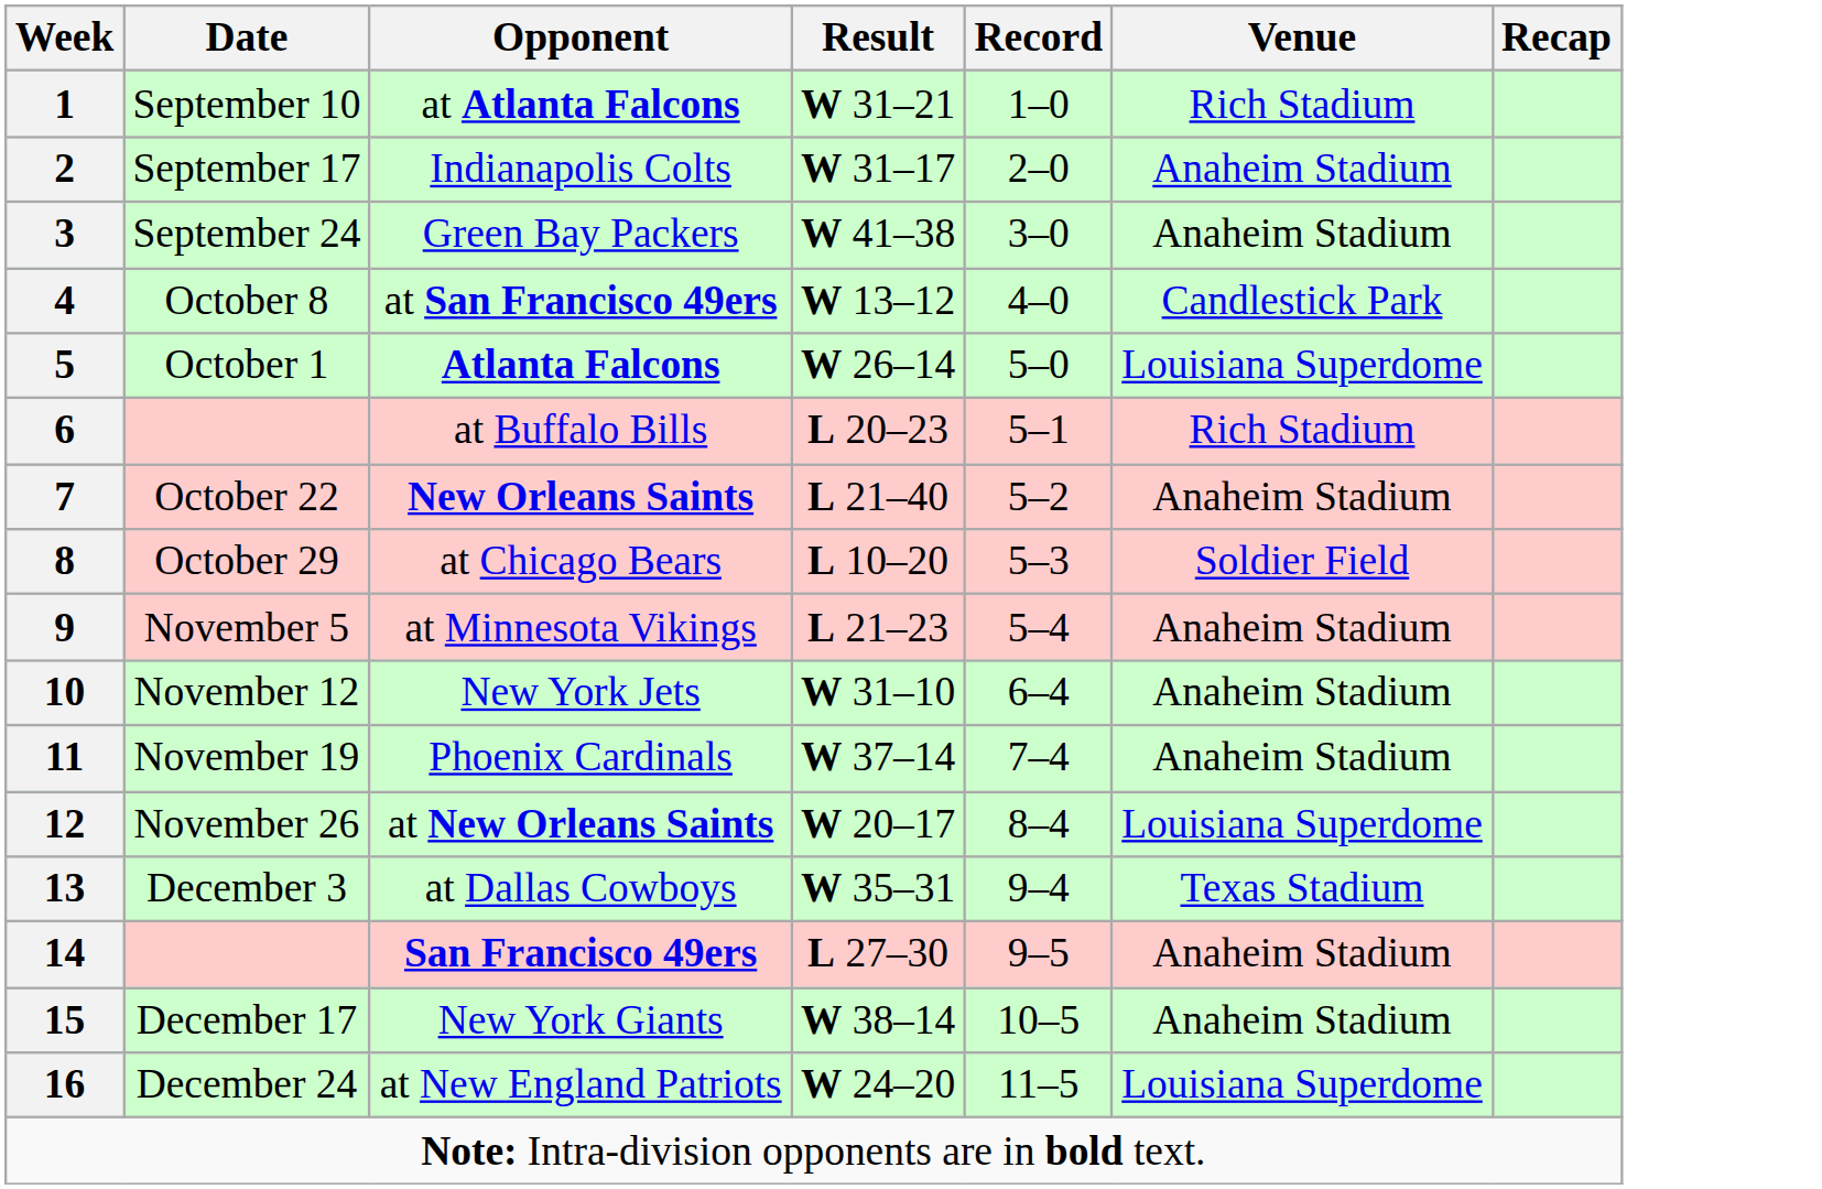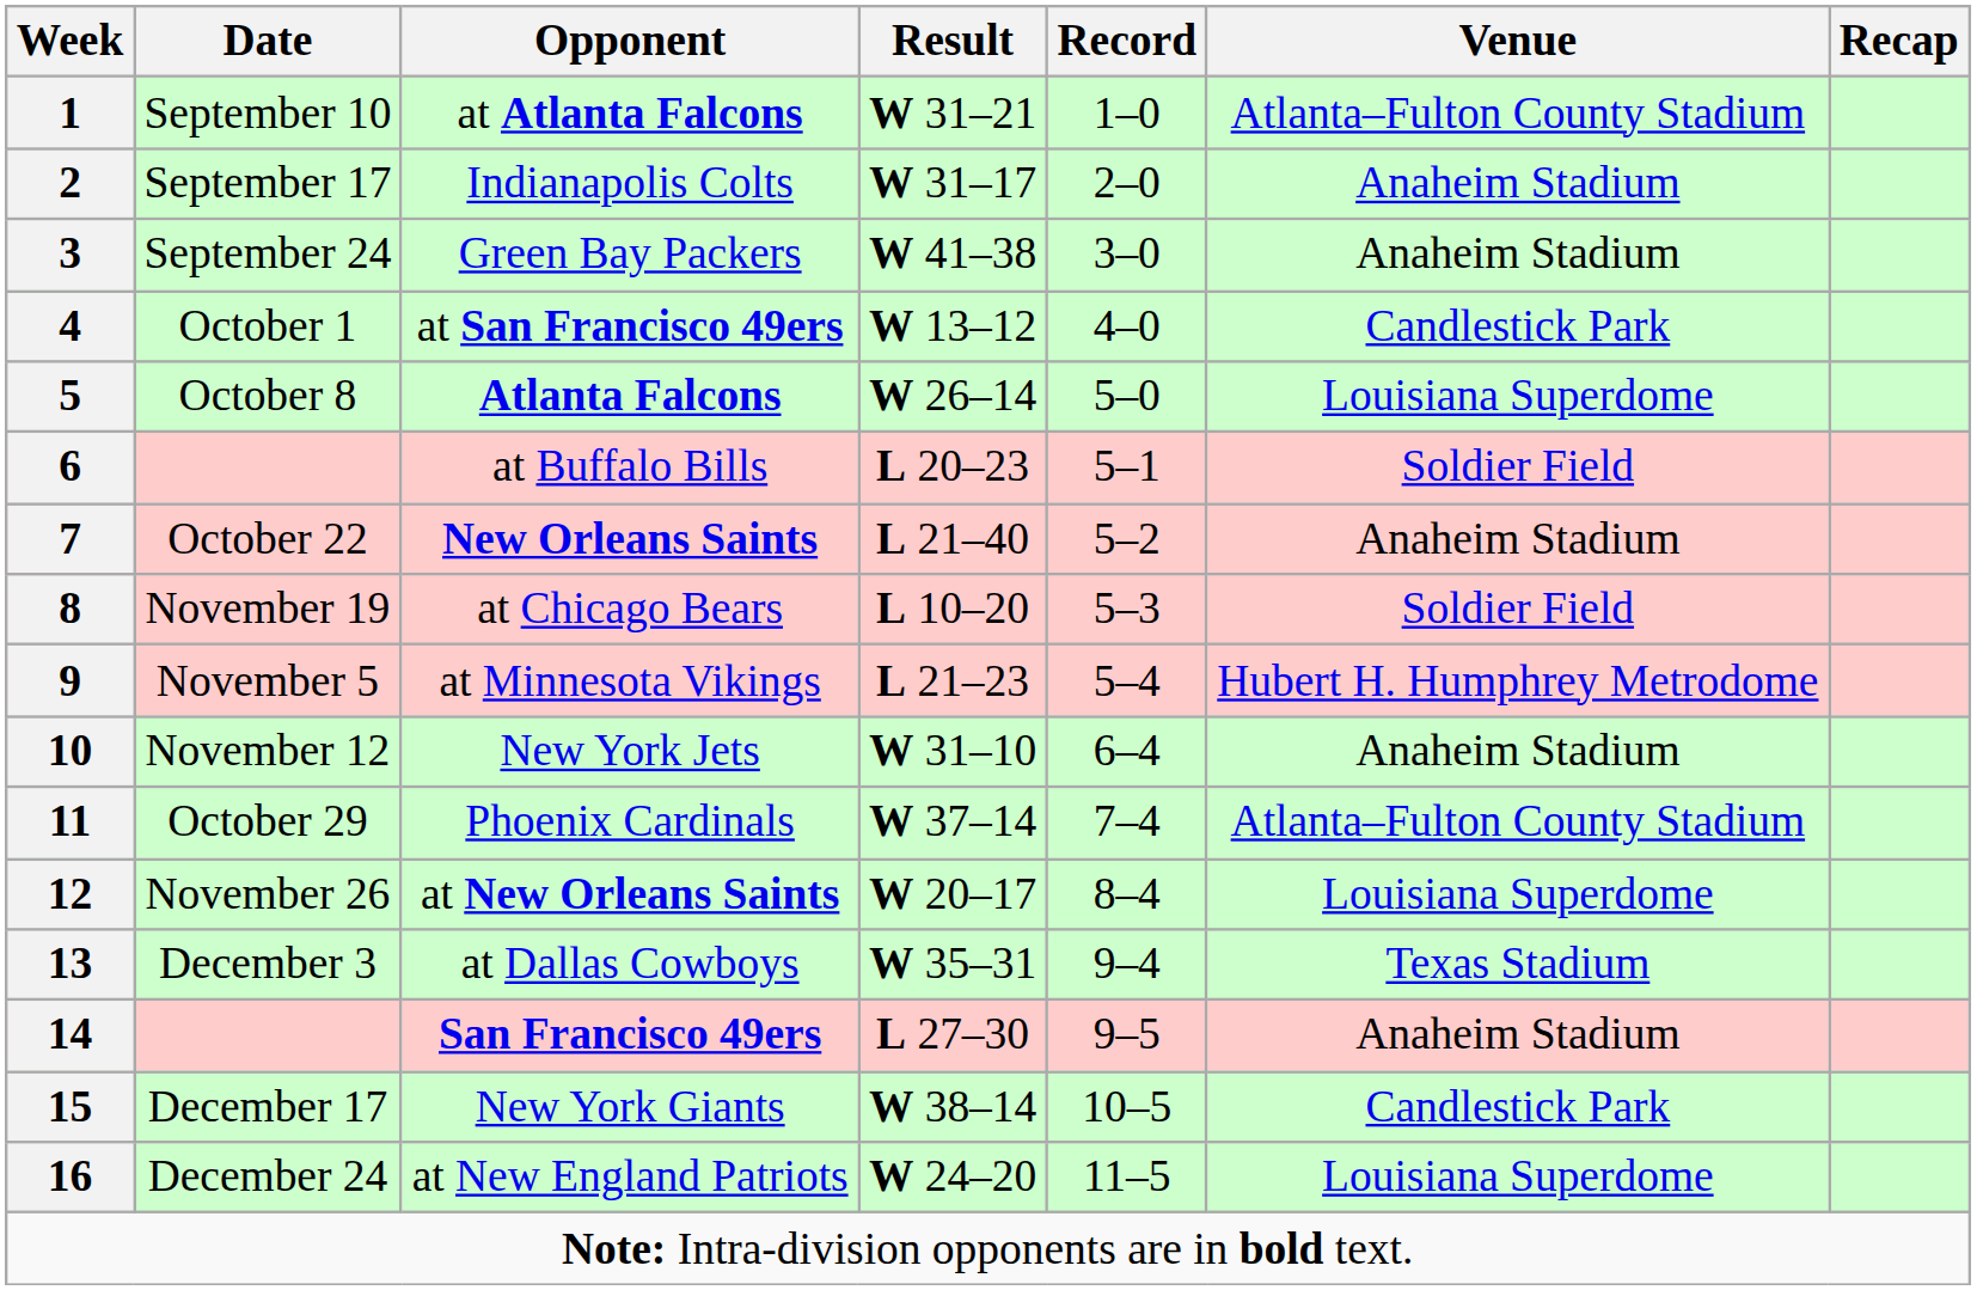 <table class="wikitable" style="text-align:center">
 <tr>
 <th>Week</th>
 <th>Date</th>
 <th>Opponent</th>
 <th>Result</th>
 <th>Record</th>
 <th>Venue</th>
 <th>Recap</th>
 </tr>
 <tr style="background:#cfc">
 <th>1</th>
 <td>September 10</td>
 <td>at <strong><a href='#'>Atlanta Falcons</a></strong></td>
 <td><strong>W</strong> 31–21</td>
 <td>1–0</td>
-<td><a href='#'>Rich Stadium</a></td>
+<td><a href='#'>Atlanta–Fulton County Stadium</a></td>
 <td></td>
 </tr>
 <tr style="background:#cfc">
 <th>2</th>
 <td>September 17</td>
 <td><a href='#'>Indianapolis Colts</a></td>
 <td><strong>W</strong> 31–17</td>
 <td>2–0</td>
 <td><a href='#'>Anaheim Stadium</a></td>
 <td></td>
 </tr>
 <tr style="background:#cfc">
 <th>3</th>
 <td>September 24</td>
 <td><a href='#'>Green Bay Packers</a></td>
 <td><strong>W</strong> 41–38</td>
 <td>3–0</td>
 <td>Anaheim Stadium</td>
 <td></td>
 </tr>
 <tr style="background:#cfc">
 <th>4</th>
-<td>October 8</td>
+<td>October 1</td>
 <td>at <strong><a href='#'>San Francisco 49ers</a></strong></td>
 <td><strong>W</strong> 13–12</td>
 <td>4–0</td>
 <td><a href='#'>Candlestick Park</a></td>
 <td></td>
 </tr>
 <tr style="background:#cfc">
 <th>5</th>
-<td>October 1</td>
+<td>October 8</td>
 <td><strong><a href='#'>Atlanta Falcons</a></strong></td>
 <td><strong>W</strong> 26–14</td>
 <td>5–0</td>
 <td><a href='#'>Louisiana Superdome</a></td>
 <td></td>
 </tr>
 <tr style="background:#fcc">
 <th>6</th>
 <td></td>
 <td>at <a href='#'>Buffalo Bills</a></td>
 <td><strong>L</strong> 20–23</td>
 <td>5–1</td>
-<td><a href='#'>Rich Stadium</a></td>
+<td><a href='#'>Soldier Field</a></td>
 <td></td>
 </tr>
 <tr style="background:#fcc">
 <th>7</th>
 <td>October 22</td>
 <td><strong><a href='#'>New Orleans Saints</a></strong></td>
 <td><strong>L</strong> 21–40</td>
 <td>5–2</td>
 <td>Anaheim Stadium</td>
 <td></td>
 </tr>
 <tr style="background:#fcc">
 <th>8</th>
-<td>October 29</td>
+<td>November 19</td>
 <td>at <a href='#'>Chicago Bears</a></td>
 <td><strong>L</strong> 10–20</td>
 <td>5–3</td>
 <td><a href='#'>Soldier Field</a></td>
 <td></td>
 </tr>
 <tr style="background:#fcc">
 <th>9</th>
 <td>November 5</td>
 <td>at <a href='#'>Minnesota Vikings</a></td>
 <td><strong>L</strong> 21–23  </td>
 <td>5–4</td>
-<td>Anaheim Stadium</td>
+<td><a href='#'>Hubert H. Humphrey Metrodome</a></td>
 <td></td>
 </tr>
 <tr style="background:#cfc">
 <th>10</th>
 <td>November 12</td>
 <td><a href='#'>New York Jets</a></td>
 <td><strong>W</strong> 31–10</td>
 <td>6–4</td>
 <td>Anaheim Stadium</td>
 <td></td>
 </tr>
 <tr style="background:#cfc">
 <th>11</th>
-<td>November 19</td>
+<td>October 29</td>
 <td><a href='#'>Phoenix Cardinals</a></td>
 <td><strong>W</strong> 37–14</td>
 <td>7–4</td>
-<td>Anaheim Stadium</td>
+<td><a href='#'>Atlanta–Fulton County Stadium</a></td>
 <td></td>
 </tr>
 <tr align="center" bgcolor="#cfc">
 <th>12</th>
 <td>November 26</td>
 <td>at <strong><a href='#'>New Orleans Saints</a></strong></td>
 <td><strong>W</strong> 20–17 </td>
 <td>8–4</td>
 <td><a href='#'>Louisiana Superdome</a></td>
 <td></td>
 </tr>
 <tr style="background:#cfc">
 <th>13</th>
 <td>December 3</td>
 <td>at <a href='#'>Dallas Cowboys</a></td>
 <td><strong>W</strong> 35–31</td>
 <td>9–4</td>
 <td><a href='#'>Texas Stadium</a></td>
 <td></td>
 </tr>
 <tr style="background:#fcc">
 <th>14</th>
 <td></td>
 <td><strong><a href='#'>San Francisco 49ers</a></strong></td>
 <td><strong>L</strong> 27–30</td>
 <td>9–5</td>
 <td>Anaheim Stadium</td>
 <td></td>
 </tr>
 <tr style="background:#cfc">
 <th>15</th>
 <td>December 17</td>
 <td><a href='#'>New York Giants</a></td>
 <td><strong>W</strong> 38–14</td>
 <td>10–5</td>
-<td>Anaheim Stadium</td>
+<td><a href='#'>Candlestick Park</a></td>
 <td></td>
 </tr>
 <tr style="background:#cfc">
 <th>16</th>
 <td>December 24</td>
 <td>at <a href='#'>New England Patriots</a></td>
 <td><strong>W</strong> 24–20</td>
 <td>11–5</td>
 <td><a href='#'>Louisiana Superdome</a></td>
 <td></td>
 </tr>
 <tr>
 <td colspan="8"><strong>Note:</strong> Intra-division opponents are in <strong>bold</strong> text.</td>
 </tr>
 </table>
